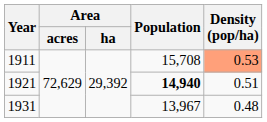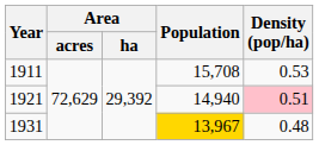 <table class="wikitable">
 <tr>
 <th rowspan="2">Year</th>
 <th colspan="2">Area</th>
 <th rowspan="2">Population<br></th>
 <th rowspan="2">Density<br>(pop/ha)</th>
 </tr>
 <tr>
 <th>acres</th>
 <th>ha</th>
 </tr>
 <tr>
 <td>1911</td>
 <td style="text-align:right;" rowspan="3">72,629</td>
 <td style="text-align:right;" rowspan="3">29,392</td>
 <td style="text-align:right;">15,708</td>
-<td style="background: lightsalmon; text-align:right;">0.53</td>
+<td style="text-align:right;">0.53</td>
 </tr>
 <tr>
 <td>1921</td>
-<td style="text-align:right;"><strong>14,940</strong></td>
-<td style="text-align:right;">0.51</td>
+<td style="text-align:right;">14,940</td>
+<td style="background: pink; text-align:right;">0.51</td>
 </tr>
 <tr>
 <td>1931</td>
-<td style="text-align:right;">13,967</td>
+<td style="background: gold; text-align:right;">13,967</td>
 <td style="text-align:right;">0.48</td>
 </tr>
 </table>
